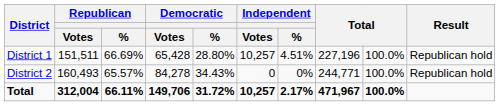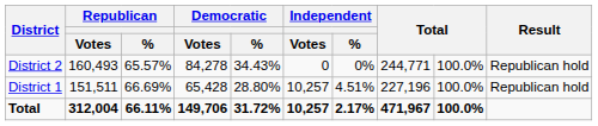 <table class="wikitable plainrowheaders sortable" style="text-align:right;">
 <tr>
 <th scope=col rowspan=3><a href='#'>District</a></th>
 <th scope=col colspan=2><a href='#'>Republican</a></th>
 <th scope=col colspan=2><a href='#'>Democratic</a></th>
 <th scope=col colspan=2><a href='#'>Independent</a></th>
 <th scope=col rowspan=3 colspan=2>Total</th>
 <th scope=col rowspan=3>Result</th>
 </tr>
 <tr>
 <th scope=col colspan=2 style="background:"></th>
 <th scope=col colspan=2 style="background:"></th>
 <th scope=col colspan=2 style="background:"></th>
 </tr>
 <tr>
 <th scope=col data-sort-type="number">Votes</th>
 <th scope=col data-sort-type="number">%</th>
 <th scope=col data-sort-type="number">Votes</th>
 <th scope=col data-sort-type="number">%</th>
 <th scope=col data-sort-type="number">Votes</th>
 <th scope=col data-sort-type="number">%</th>
 </tr>
 <tr>
+<td align=left><a href='#'>District 2</a></td>
+<td>160,493</td>
+<td>65.57%</td>
+<td>84,278</td>
+<td>34.43%</td>
+<td>0</td>
+<td>0%</td>
+<td>244,771</td>
+<td>100.0%</td>
+<td>Republican hold</td>
+</tr>
+<tr>
 <td align=left><a href='#'>District 1</a></td>
 <td>151,511</td>
 <td>66.69%</td>
 <td>65,428</td>
 <td>28.80%</td>
 <td>10,257</td>
 <td>4.51%</td>
 <td>227,196</td>
-<td>100.0%</td>
-<td>Republican hold</td>
-</tr>
-<tr>
-<td align=left><a href='#'>District 2</a></td>
-<td>160,493</td>
-<td>65.57%</td>
-<td>84,278</td>
-<td>34.43%</td>
-<td>0</td>
-<td>0%</td>
-<td>244,771</td>
 <td>100.0%</td>
 <td>Republican hold</td>
 </tr>
 <tr class="sortbottom" style="font-weight:bold">
 <td align=left>Total</td>
 <td>312,004</td>
 <td>66.11%</td>
 <td>149,706</td>
 <td>31.72%</td>
 <td>10,257</td>
 <td>2.17%</td>
 <td>471,967</td>
 <td>100.0%</td>
 <td></td>
 </tr>
 </table>
